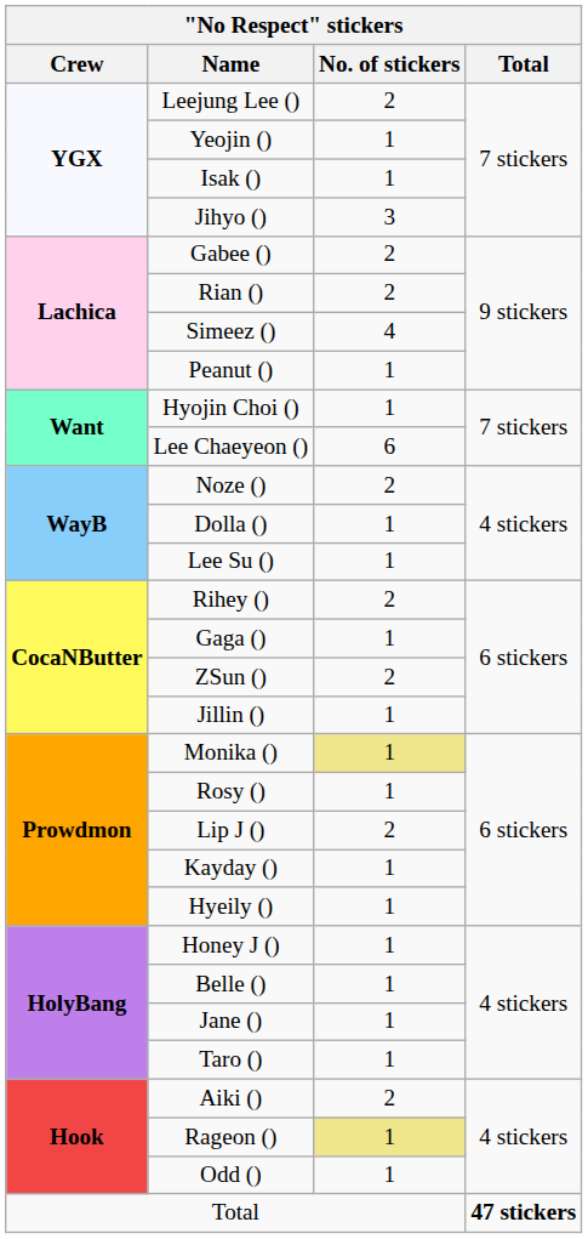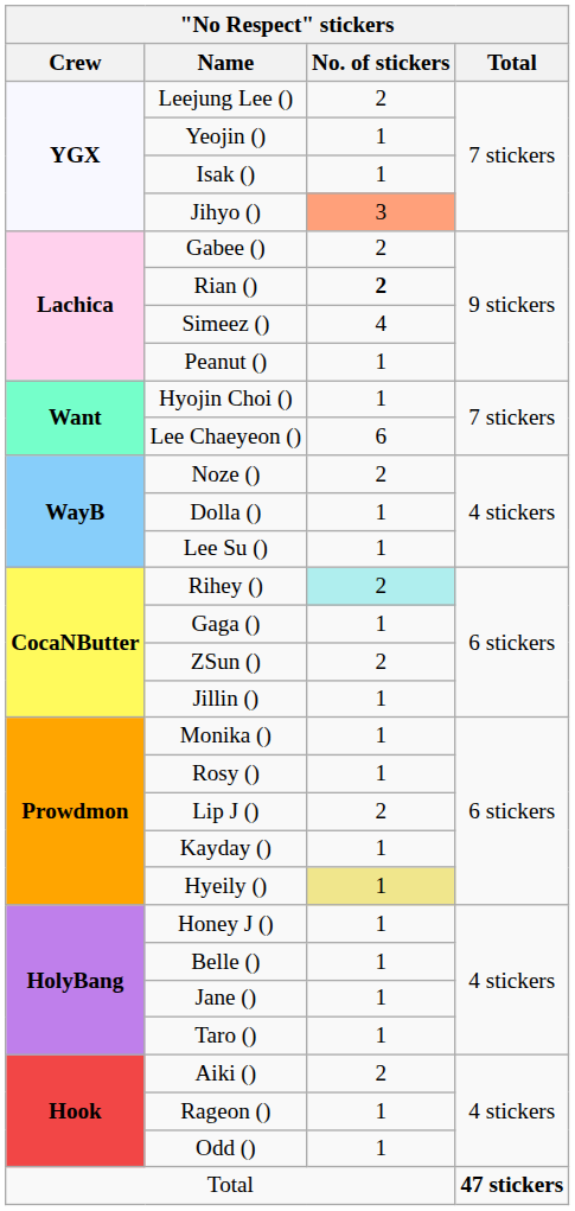 <table class="wikitable sortable mw-collapsible mw-collapsed"  style="text-align:center; font-size:90%">
 <tr>
 <th colspan="6">"No Respect" stickers</th>
 </tr>
 <tr style="background:#f2f2f2;">
 <th scope="col">Crew</th>
 <th scope="col">Name</th>
 <th scope="col">No. of stickers</th>
 <th scope="col">Total</th>
 </tr>
 <tr>
 <td rowspan="4" style="background:#F8F8FF"><strong>YGX</strong></td>
 <td>Leejung Lee ()</td>
 <td>2</td>
 <td rowspan="4">7 stickers</td>
 </tr>
 <tr>
 <td>Yeojin ()</td>
 <td>1</td>
 </tr>
 <tr>
 <td>Isak ()</td>
 <td>1</td>
 </tr>
 <tr>
 <td>Jihyo ()</td>
-<td>3</td>
+<td style="background: lightsalmon;">3</td>
 </tr>
 <tr>
 <td rowspan="4"  style="background:#FFD1ED"><strong>Lachica</strong></td>
 <td>Gabee ()</td>
 <td>2</td>
 <td rowspan="4">9 stickers</td>
 </tr>
 <tr>
 <td>Rian ()</td>
-<td>2</td>
+<td><strong>2</strong></td>
 </tr>
 <tr>
 <td>Simeez ()</td>
 <td>4</td>
 </tr>
 <tr>
 <td>Peanut ()</td>
 <td>1</td>
 </tr>
 <tr>
 <td rowspan="2" style="background:#75FFCA"><strong>Want</strong></td>
 <td>Hyojin Choi ()</td>
 <td>1</td>
 <td rowspan="2">7 stickers</td>
 </tr>
 <tr>
 <td>Lee Chaeyeon ()</td>
 <td>6</td>
 </tr>
 <tr>
 <td rowspan="3"  style="background:#87CEFA"><strong>WayB</strong></td>
 <td>Noze ()</td>
 <td>2</td>
 <td rowspan="3">4 stickers</td>
 </tr>
 <tr>
 <td>Dolla ()</td>
 <td>1</td>
 </tr>
 <tr>
 <td>Lee Su ()</td>
 <td>1</td>
 </tr>
 <tr>
 <td rowspan="4" style="background:#FFFA5C"><strong>CocaNButter</strong></td>
 <td>Rihey ()</td>
-<td>2</td>
+<td style="background: paleturquoise;">2</td>
 <td rowspan="4">6 stickers</td>
 </tr>
 <tr>
 <td>Gaga ()</td>
 <td>1</td>
 </tr>
 <tr>
 <td>ZSun ()</td>
 <td>2</td>
 </tr>
 <tr>
 <td>Jillin ()</td>
 <td>1</td>
 </tr>
 <tr>
 <td rowspan="5"  style="background:orange"><strong>Prowdmon</strong></td>
 <td>Monika ()</td>
-<td style="background: khaki;">1</td>
+<td>1</td>
 <td rowspan="5">6 stickers</td>
 </tr>
 <tr>
 <td>Rosy ()</td>
 <td>1</td>
 </tr>
 <tr>
 <td>Lip J ()</td>
 <td>2</td>
 </tr>
 <tr>
 <td>Kayday ()</td>
 <td>1</td>
 </tr>
 <tr>
 <td>Hyeily ()</td>
-<td>1</td>
+<td style="background: khaki;">1</td>
 </tr>
 <tr>
 <td rowspan="4" style="background:#BF7FEB"><strong>HolyBang</strong></td>
 <td>Honey J ()</td>
 <td>1</td>
 <td rowspan="4">4 stickers</td>
 </tr>
 <tr>
 <td>Belle ()</td>
 <td>1</td>
 </tr>
 <tr>
 <td>Jane ()</td>
 <td>1</td>
 </tr>
 <tr>
 <td>Taro ()</td>
 <td>1</td>
 </tr>
 <tr>
 <td rowspan="3"  style="background:#F24646"><strong>Hook</strong></td>
 <td>Aiki ()</td>
 <td>2</td>
 <td rowspan="3">4 stickers</td>
 </tr>
 <tr>
 <td>Rageon ()</td>
-<td style="background: khaki;">1</td>
+<td>1</td>
 </tr>
 <tr>
 <td>Odd ()</td>
 <td>1</td>
 </tr>
 <tr>
 <td colspan="3">Total</td>
 <td><strong>47 stickers</strong></td>
 </tr>
 </table>
